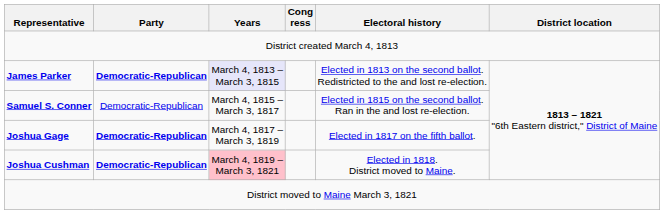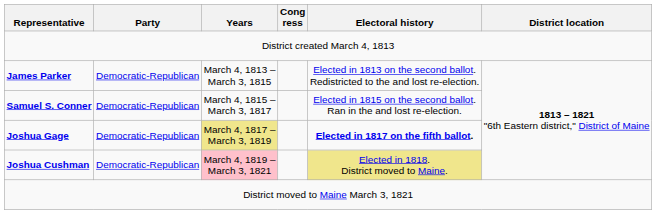 <table class=wikitable style="text-align:center">
 <tr valign=bottom>
 <th>Representative</th>
 <th>Party</th>
 <th>Years</th>
 <th>Cong<br>ress</th>
 <th>Electoral history</th>
 <th>District location</th>
 </tr>
 <tr style="height:3em">
 <td colspan=6>District created March 4, 1813</td>
 </tr>
 <tr style="height:3em">
 <td align=left><strong><a href='#'>James Parker</a></strong><br></td>
-<td><strong><a href='#'>Democratic-Republican</a></strong></td>
-<td nowrap style="background: lavender;">March 4, 1813 –<br>March 3, 1815</td>
+<td><a href='#'>Democratic-Republican</a></td>
+<td nowrap>March 4, 1813 –<br>March 3, 1815</td>
 <td></td>
 <td><a href='#'>Elected in 1813 on the second ballot</a>.<br>Redistricted to the  and lost re-election.</td>
 <td rowspan=4><strong>1813 – 1821</strong><br>"6th Eastern district," <a href='#'>District of Maine</a></td>
 </tr>
 <tr style="height:3em">
 <td align=left><strong><a href='#'>Samuel S. Conner</a></strong><br></td>
 <td><a href='#'>Democratic-Republican</a></td>
 <td nowrap>March 4, 1815 –<br>March 3, 1817</td>
 <td></td>
 <td><a href='#'>Elected in 1815 on the second ballot</a>.<br>Ran in the  and lost re-election.</td>
 </tr>
 <tr style="height:3em">
 <td align=left><strong><a href='#'>Joshua Gage</a></strong><br></td>
-<td><strong><a href='#'>Democratic-Republican</a></strong></td>
-<td nowrap>March 4, 1817 –<br>March 3, 1819</td>
+<td><a href='#'>Democratic-Republican</a></td>
+<td nowrap style="background: khaki;">March 4, 1817 –<br>March 3, 1819</td>
 <td></td>
-<td><a href='#'>Elected in 1817 on the fifth ballot</a>.<br></td>
+<td><strong><a href='#'>Elected in 1817 on the fifth ballot</a>.<br></strong></td>
 </tr>
 <tr style="height:3em">
 <td align=left><strong><a href='#'>Joshua Cushman</a></strong><br></td>
-<td><strong><a href='#'>Democratic-Republican</a></strong></td>
+<td><a href='#'>Democratic-Republican</a></td>
 <td nowrap style="background: pink;">March 4, 1819 –<br>March 3, 1821</td>
 <td></td>
-<td><a href='#'>Elected in 1818</a>.<br>District moved to <a href='#'>Maine</a>.</td>
+<td style="background: khaki;"><a href='#'>Elected in 1818</a>.<br>District moved to <a href='#'>Maine</a>.</td>
 </tr>
 <tr style="height:3em">
 <td colspan=6>District moved to <a href='#'>Maine</a> March 3, 1821</td>
 </tr>
 </table>
